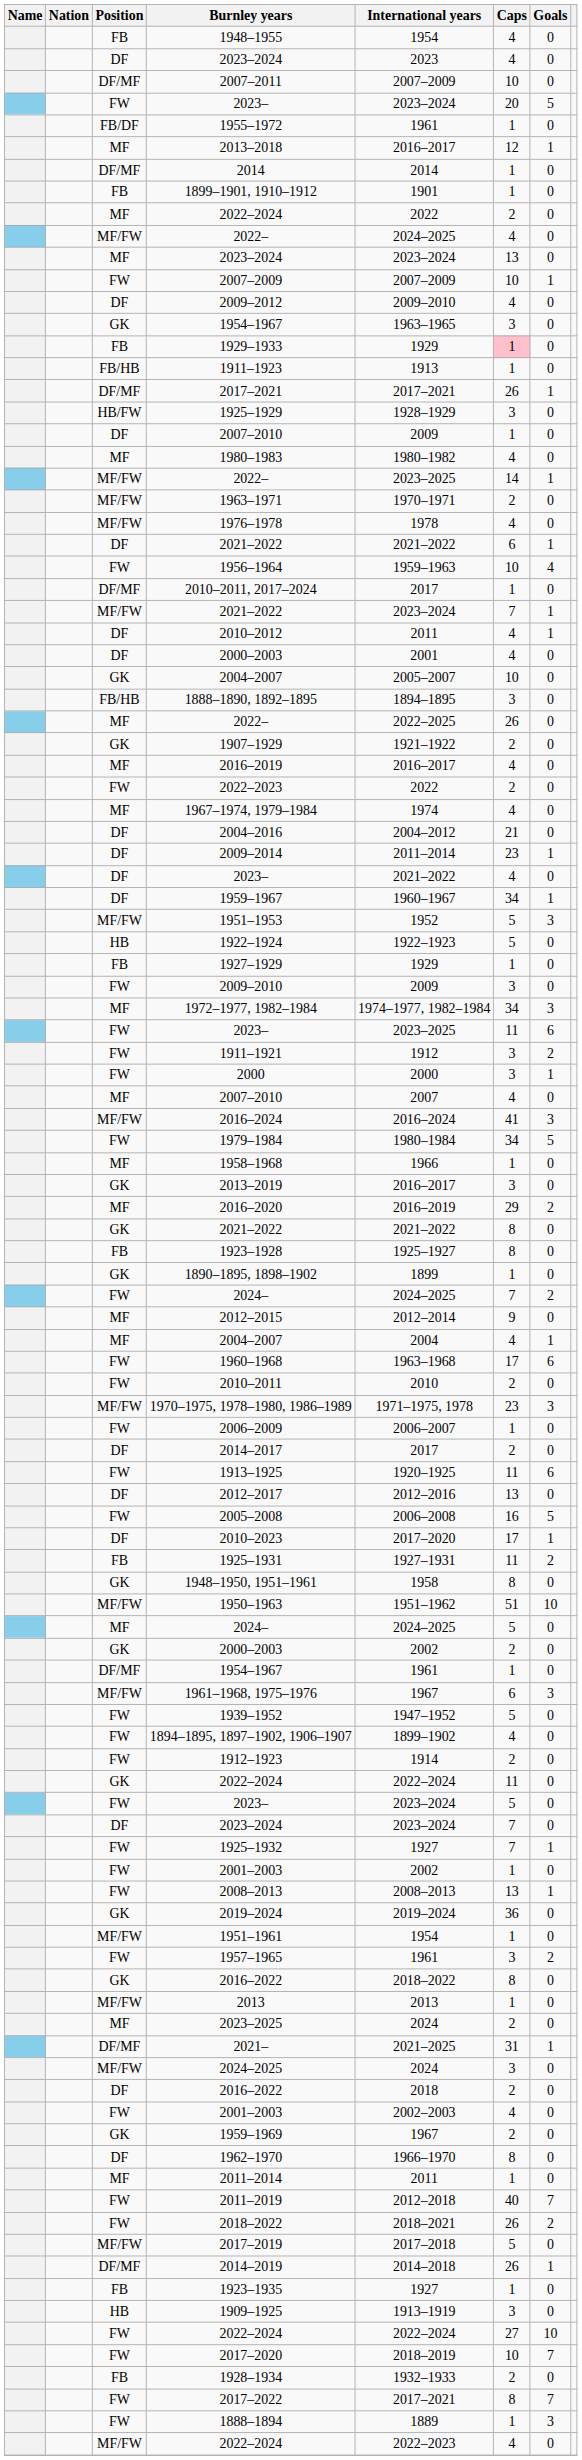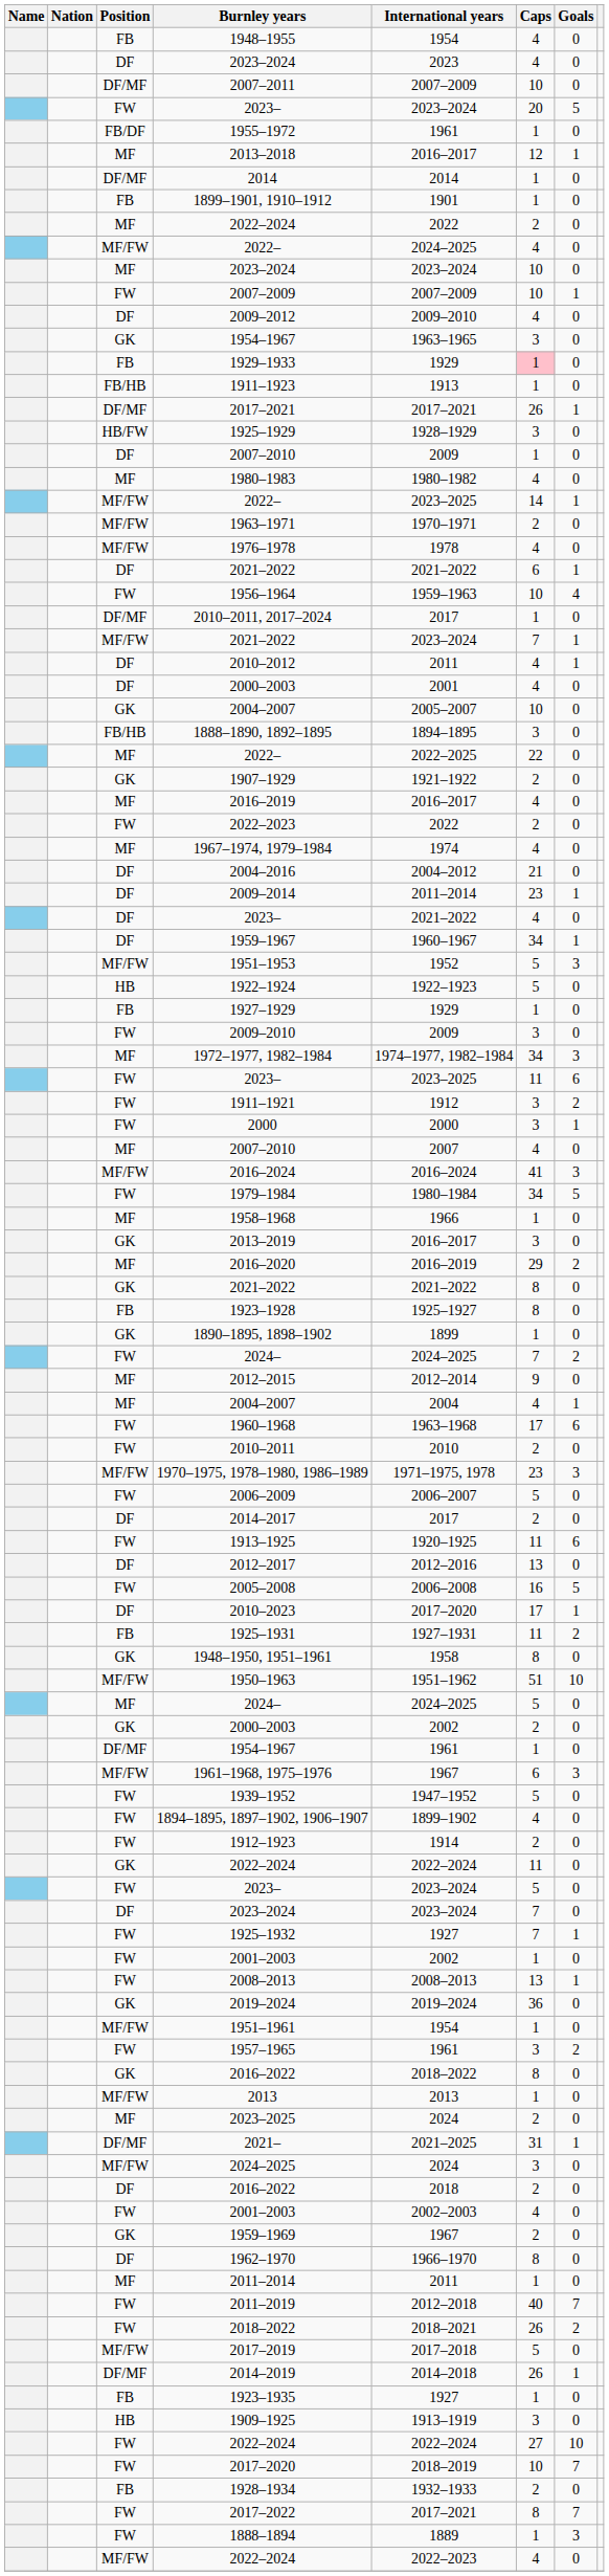 <table class="wikitable sortable plainrowheaders" style="text-align: center;">
 <tr>
 <th>Name</th>
 <th>Nation</th>
 <th>Position</th>
 <th>Burnley years</th>
 <th>International years</th>
 <th>Caps</th>
 <th>Goals</th>
 <th class="unsortable"></th>
 </tr>
 <tr>
 <th scope=row></th>
 <td align="left"></td>
 <td>FB</td>
 <td>1948–1955</td>
 <td>1954</td>
 <td>4</td>
 <td>0</td>
 <td></td>
 </tr>
 <tr>
 <th scope=row></th>
 <td align="left"></td>
 <td>DF</td>
 <td>2023–2024</td>
 <td>2023</td>
 <td>4</td>
 <td>0</td>
 <td></td>
 </tr>
 <tr>
 <th scope=row></th>
 <td align="left"></td>
 <td>DF/MF</td>
 <td>2007–2011</td>
 <td>2007–2009</td>
 <td>10</td>
 <td>0</td>
 <td></td>
 </tr>
 <tr>
 <th scope=row style="background:#87CEEB;"> </th>
 <td align="left"></td>
 <td>FW</td>
 <td>2023–</td>
 <td>2023–2024</td>
 <td>20</td>
 <td>5</td>
 <td></td>
 </tr>
 <tr>
 <th scope=row></th>
 <td align="left"></td>
 <td>FB/DF</td>
 <td>1955–1972</td>
 <td>1961</td>
 <td>1</td>
 <td>0</td>
 <td></td>
 </tr>
 <tr>
 <th scope=row></th>
 <td align="left"></td>
 <td>MF</td>
 <td>2013–2018</td>
 <td>2016–2017</td>
 <td>12</td>
 <td>1</td>
 <td></td>
 </tr>
 <tr>
 <th scope=row></th>
 <td align="left"></td>
 <td>DF/MF</td>
 <td>2014</td>
 <td>2014</td>
 <td>1</td>
 <td>0</td>
 <td></td>
 </tr>
 <tr>
 <th scope=row></th>
 <td align="left"></td>
 <td>FB</td>
 <td>1899–1901, 1910–1912</td>
 <td>1901</td>
 <td>1</td>
 <td>0</td>
 <td></td>
 </tr>
 <tr>
 <th scope=row></th>
 <td align="left"></td>
 <td>MF</td>
 <td>2022–2024</td>
 <td>2022</td>
 <td>2</td>
 <td>0</td>
 <td></td>
 </tr>
 <tr>
 <th scope=row style="background:#87CEEB;"> </th>
 <td align="left"></td>
 <td>MF/FW</td>
 <td>2022–</td>
 <td>2024–2025</td>
 <td>4</td>
 <td>0</td>
 <td></td>
 </tr>
 <tr>
 <th scope=row></th>
 <td align="left"></td>
 <td>MF</td>
 <td>2023–2024</td>
 <td>2023–2024</td>
-<td>13</td>
+<td>10</td>
 <td>0</td>
 <td></td>
 </tr>
 <tr>
 <th scope=row></th>
 <td align="left"></td>
 <td>FW</td>
 <td>2007–2009</td>
 <td>2007–2009</td>
 <td>10</td>
 <td>1</td>
 <td></td>
 </tr>
 <tr>
 <th scope=row></th>
 <td align="left"></td>
 <td>DF</td>
 <td>2009–2012</td>
 <td>2009–2010</td>
 <td>4</td>
 <td>0</td>
 <td></td>
 </tr>
 <tr>
 <th scope=row></th>
 <td align="left"></td>
 <td>GK</td>
 <td>1954–1967</td>
 <td>1963–1965</td>
 <td>3</td>
 <td>0</td>
 <td></td>
 </tr>
 <tr>
 <th scope=row></th>
 <td align="left"></td>
 <td>FB</td>
 <td>1929–1933</td>
 <td>1929</td>
 <td style="background: pink;">1</td>
 <td>0</td>
 <td></td>
 </tr>
 <tr>
 <th scope=row></th>
 <td align="left"></td>
 <td>FB/HB</td>
 <td>1911–1923</td>
 <td>1913</td>
 <td>1</td>
 <td>0</td>
 <td></td>
 </tr>
 <tr>
 <th scope=row></th>
 <td align="left"></td>
 <td>DF/MF</td>
 <td>2017–2021</td>
 <td>2017–2021</td>
 <td>26</td>
 <td>1</td>
 <td></td>
 </tr>
 <tr>
 <th scope=row></th>
 <td align="left"></td>
 <td>HB/FW</td>
 <td>1925–1929</td>
 <td>1928–1929</td>
 <td>3</td>
 <td>0</td>
 <td></td>
 </tr>
 <tr>
 <th scope=row></th>
 <td align="left"></td>
 <td>DF</td>
 <td>2007–2010</td>
 <td>2009</td>
 <td>1</td>
 <td>0</td>
 <td></td>
 </tr>
 <tr>
 <th scope=row></th>
 <td align="left"></td>
 <td>MF</td>
 <td>1980–1983</td>
 <td>1980–1982</td>
 <td>4</td>
 <td>0</td>
 <td></td>
 </tr>
 <tr>
 <th scope=row style="background:#87CEEB;"> </th>
 <td align="left"></td>
 <td>MF/FW</td>
 <td>2022–</td>
 <td>2023–2025</td>
 <td>14</td>
 <td>1</td>
 <td></td>
 </tr>
 <tr>
 <th scope=row></th>
 <td align="left"></td>
 <td>MF/FW</td>
 <td>1963–1971</td>
 <td>1970–1971</td>
 <td>2</td>
 <td>0</td>
 <td></td>
 </tr>
 <tr>
 <th scope=row></th>
 <td align="left"></td>
 <td>MF/FW</td>
 <td>1976–1978</td>
 <td>1978</td>
 <td>4</td>
 <td>0</td>
 <td></td>
 </tr>
 <tr>
 <th scope=row></th>
 <td align="left"></td>
 <td>DF</td>
 <td>2021–2022</td>
 <td>2021–2022</td>
 <td>6</td>
 <td>1</td>
 <td></td>
 </tr>
 <tr>
 <th scope=row></th>
 <td align="left"></td>
 <td>FW</td>
 <td>1956–1964</td>
 <td>1959–1963</td>
 <td>10</td>
 <td>4</td>
 <td></td>
 </tr>
 <tr>
 <th scope=row></th>
 <td align="left"></td>
 <td>DF/MF</td>
 <td>2010–2011, 2017–2024</td>
 <td>2017</td>
 <td>1</td>
 <td>0</td>
 <td></td>
 </tr>
 <tr>
 <th scope=row></th>
 <td align="left"></td>
 <td>MF/FW</td>
 <td>2021–2022</td>
 <td>2023–2024</td>
 <td>7</td>
 <td>1</td>
 <td></td>
 </tr>
 <tr>
 <th scope=row></th>
 <td align="left"></td>
 <td>DF</td>
 <td>2010–2012</td>
 <td>2011</td>
 <td>4</td>
 <td>1</td>
 <td></td>
 </tr>
 <tr>
 <th scope=row></th>
 <td align="left"></td>
 <td>DF</td>
 <td>2000–2003</td>
 <td>2001</td>
 <td>4</td>
 <td>0</td>
 <td></td>
 </tr>
 <tr>
 <th scope=row></th>
 <td align="left"></td>
 <td>GK</td>
 <td>2004–2007</td>
 <td>2005–2007</td>
 <td>10</td>
 <td>0</td>
 <td></td>
 </tr>
 <tr>
 <th scope=row></th>
 <td align="left"></td>
 <td>FB/HB</td>
 <td>1888–1890, 1892–1895</td>
 <td>1894–1895</td>
 <td>3</td>
 <td>0</td>
 <td></td>
 </tr>
 <tr>
 <th scope=row style="background:#87CEEB;"> </th>
 <td align="left"></td>
 <td>MF</td>
 <td>2022–</td>
 <td>2022–2025</td>
-<td>26</td>
+<td>22</td>
 <td>0</td>
 <td></td>
 </tr>
 <tr>
 <th scope=row></th>
 <td align="left"></td>
 <td>GK</td>
 <td>1907–1929</td>
 <td>1921–1922</td>
 <td>2</td>
 <td>0</td>
 <td></td>
 </tr>
 <tr>
 <th scope=row></th>
 <td align="left"></td>
 <td>MF</td>
 <td>2016–2019</td>
 <td>2016–2017</td>
 <td>4</td>
 <td>0</td>
 <td></td>
 </tr>
 <tr>
 <th scope=row></th>
 <td align="left"></td>
 <td>FW</td>
 <td>2022–2023</td>
 <td>2022</td>
 <td>2</td>
 <td>0</td>
 <td></td>
 </tr>
 <tr>
 <th scope=row></th>
 <td align="left"></td>
 <td>MF</td>
 <td>1967–1974, 1979–1984</td>
 <td>1974</td>
 <td>4</td>
 <td>0</td>
 <td></td>
 </tr>
 <tr>
 <th scope=row></th>
 <td align="left"></td>
 <td>DF</td>
 <td>2004–2016</td>
 <td>2004–2012</td>
 <td>21</td>
 <td>0</td>
 <td></td>
 </tr>
 <tr>
 <th scope=row></th>
 <td align="left"></td>
 <td>DF</td>
 <td>2009–2014</td>
 <td>2011–2014</td>
 <td>23</td>
 <td>1</td>
 <td></td>
 </tr>
 <tr>
 <th scope=row style="background:#87CEEB;"> </th>
 <td align="left"></td>
 <td>DF</td>
 <td>2023–</td>
 <td>2021–2022</td>
 <td>4</td>
 <td>0</td>
 <td></td>
 </tr>
 <tr>
 <th scope=row></th>
 <td align="left"></td>
 <td>DF</td>
 <td>1959–1967</td>
 <td>1960–1967</td>
 <td>34</td>
 <td>1</td>
 <td></td>
 </tr>
 <tr>
 <th scope=row></th>
 <td align="left"></td>
 <td>MF/FW</td>
 <td>1951–1953</td>
 <td>1952</td>
 <td>5</td>
 <td>3</td>
 <td></td>
 </tr>
 <tr>
 <th scope=row></th>
 <td align="left"></td>
 <td>HB</td>
 <td>1922–1924</td>
 <td>1922–1923</td>
 <td>5</td>
 <td>0</td>
 <td></td>
 </tr>
 <tr>
 <th scope=row></th>
 <td align="left"></td>
 <td>FB</td>
 <td>1927–1929</td>
 <td>1929</td>
 <td>1</td>
 <td>0</td>
 <td></td>
 </tr>
 <tr>
 <th scope=row></th>
 <td align="left"></td>
 <td>FW</td>
 <td>2009–2010</td>
 <td>2009</td>
 <td>3</td>
 <td>0</td>
 <td></td>
 </tr>
 <tr>
 <th scope=row></th>
 <td align="left"></td>
 <td>MF</td>
 <td>1972–1977, 1982–1984</td>
 <td>1974–1977, 1982–1984</td>
 <td>34</td>
 <td>3</td>
 <td></td>
 </tr>
 <tr>
 <th scope=row style="background:#87CEEB;"> </th>
 <td align="left"></td>
 <td>FW</td>
 <td>2023–</td>
 <td>2023–2025</td>
 <td>11</td>
 <td>6</td>
 <td></td>
 </tr>
 <tr>
 <th scope=row></th>
 <td align="left"></td>
 <td>FW</td>
 <td>1911–1921</td>
 <td>1912</td>
 <td>3</td>
 <td>2</td>
 <td></td>
 </tr>
 <tr>
 <th scope=row></th>
 <td align="left"></td>
 <td>FW</td>
 <td>2000</td>
 <td>2000</td>
 <td>3</td>
 <td>1</td>
 <td></td>
 </tr>
 <tr>
 <th scope=row></th>
 <td align="left"></td>
 <td>MF</td>
 <td>2007–2010</td>
 <td>2007</td>
 <td>4</td>
 <td>0</td>
 <td></td>
 </tr>
 <tr>
 <th scope=row></th>
 <td align="left"></td>
 <td>MF/FW</td>
 <td>2016–2024</td>
 <td>2016–2024</td>
 <td>41</td>
 <td>3</td>
 <td></td>
 </tr>
 <tr>
 <th scope=row></th>
 <td align="left"></td>
 <td>FW</td>
 <td>1979–1984</td>
 <td>1980–1984</td>
 <td>34</td>
 <td>5</td>
 <td></td>
 </tr>
 <tr>
 <th scope=row></th>
 <td align="left"></td>
 <td>MF</td>
 <td>1958–1968</td>
 <td>1966</td>
 <td>1</td>
 <td>0</td>
 <td></td>
 </tr>
 <tr>
 <th scope=row></th>
 <td align="left"></td>
 <td>GK</td>
 <td>2013–2019</td>
 <td>2016–2017</td>
 <td>3</td>
 <td>0</td>
 <td></td>
 </tr>
 <tr>
 <th scope=row></th>
 <td align="left"></td>
 <td>MF</td>
 <td>2016–2020</td>
 <td>2016–2019</td>
 <td>29</td>
 <td>2</td>
 <td></td>
 </tr>
 <tr>
 <th scope=row></th>
 <td align="left"></td>
 <td>GK</td>
 <td>2021–2022</td>
 <td>2021–2022</td>
 <td>8</td>
 <td>0</td>
 <td></td>
 </tr>
 <tr>
 <th scope=row></th>
 <td align="left"></td>
 <td>FB</td>
 <td>1923–1928</td>
 <td>1925–1927</td>
 <td>8</td>
 <td>0</td>
 <td></td>
 </tr>
 <tr>
 <th scope=row></th>
 <td align="left"></td>
 <td>GK</td>
 <td>1890–1895, 1898–1902</td>
 <td>1899</td>
 <td>1</td>
 <td>0</td>
 <td></td>
 </tr>
 <tr>
 <th scope=row style="background:#87CEEB;"> </th>
 <td align="left"></td>
 <td>FW</td>
 <td>2024–</td>
 <td>2024–2025</td>
 <td>7</td>
 <td>2</td>
 <td></td>
 </tr>
 <tr>
 <th scope=row></th>
 <td align="left"></td>
 <td>MF</td>
 <td>2012–2015</td>
 <td>2012–2014</td>
 <td>9</td>
 <td>0</td>
 <td></td>
 </tr>
 <tr>
 <th scope=row></th>
 <td align="left"></td>
 <td>MF</td>
 <td>2004–2007</td>
 <td>2004</td>
 <td>4</td>
 <td>1</td>
 <td></td>
 </tr>
 <tr>
 <th scope=row></th>
 <td align="left"></td>
 <td>FW</td>
 <td>1960–1968</td>
 <td>1963–1968</td>
 <td>17</td>
 <td>6</td>
 <td></td>
 </tr>
 <tr>
 <th scope=row></th>
 <td align="left"></td>
 <td>FW</td>
 <td>2010–2011</td>
 <td>2010</td>
 <td>2</td>
 <td>0</td>
 <td></td>
 </tr>
 <tr>
 <th scope=row></th>
 <td align="left"></td>
 <td>MF/FW</td>
 <td>1970–1975, 1978–1980, 1986–1989</td>
 <td>1971–1975, 1978</td>
 <td>23</td>
 <td>3</td>
 <td></td>
 </tr>
 <tr>
 <th scope=row></th>
 <td align="left"></td>
 <td>FW</td>
 <td>2006–2009</td>
 <td>2006–2007</td>
-<td>1</td>
+<td>5</td>
 <td>0</td>
 <td></td>
 </tr>
 <tr>
 <th scope=row></th>
 <td align="left"></td>
 <td>DF</td>
 <td>2014–2017</td>
 <td>2017</td>
 <td>2</td>
 <td>0</td>
 <td></td>
 </tr>
 <tr>
 <th scope=row></th>
 <td align="left"></td>
 <td>FW</td>
 <td>1913–1925</td>
 <td>1920–1925</td>
 <td>11</td>
 <td>6</td>
 <td></td>
 </tr>
 <tr>
 <th scope=row></th>
 <td align="left"></td>
 <td>DF</td>
 <td>2012–2017</td>
 <td>2012–2016</td>
 <td>13</td>
 <td>0</td>
 <td></td>
 </tr>
 <tr>
 <th scope=row></th>
 <td align="left"></td>
 <td>FW</td>
 <td>2005–2008</td>
 <td>2006–2008</td>
 <td>16</td>
 <td>5</td>
 <td></td>
 </tr>
 <tr>
 <th scope=row></th>
 <td align="left"></td>
 <td>DF</td>
 <td>2010–2023</td>
 <td>2017–2020</td>
 <td>17</td>
 <td>1</td>
 <td></td>
 </tr>
 <tr>
 <th scope=row></th>
 <td align="left"></td>
 <td>FB</td>
 <td>1925–1931</td>
 <td>1927–1931</td>
 <td>11</td>
 <td>2</td>
 <td></td>
 </tr>
 <tr>
 <th scope=row></th>
 <td align="left"></td>
 <td>GK</td>
 <td>1948–1950, 1951–1961</td>
 <td>1958</td>
 <td>8</td>
 <td>0</td>
 <td></td>
 </tr>
 <tr>
 <th scope=row></th>
 <td align="left"></td>
 <td>MF/FW</td>
 <td>1950–1963</td>
 <td>1951–1962</td>
 <td>51</td>
 <td>10</td>
 <td></td>
 </tr>
 <tr>
 <th scope=row style="background:#87CEEB;"> </th>
 <td align="left"></td>
 <td>MF</td>
 <td>2024–</td>
 <td>2024–2025</td>
 <td>5</td>
 <td>0</td>
 <td></td>
 </tr>
 <tr>
 <th scope=row></th>
 <td align="left"></td>
 <td>GK</td>
 <td>2000–2003</td>
 <td>2002</td>
 <td>2</td>
 <td>0</td>
 <td></td>
 </tr>
 <tr>
 <th scope=row></th>
 <td align="left"></td>
 <td>DF/MF</td>
 <td>1954–1967</td>
 <td>1961</td>
 <td>1</td>
 <td>0</td>
 <td></td>
 </tr>
 <tr>
 <th scope=row></th>
 <td align="left"></td>
 <td>MF/FW</td>
 <td>1961–1968, 1975–1976</td>
 <td>1967</td>
 <td>6</td>
 <td>3</td>
 <td></td>
 </tr>
 <tr>
 <th scope=row></th>
 <td align="left"></td>
 <td>FW</td>
 <td>1939–1952</td>
 <td>1947–1952</td>
 <td>5</td>
 <td>0</td>
 <td></td>
 </tr>
 <tr>
 <th scope=row></th>
 <td align="left"></td>
 <td>FW</td>
 <td>1894–1895, 1897–1902, 1906–1907</td>
 <td>1899–1902</td>
 <td>4</td>
 <td>0</td>
 <td></td>
 </tr>
 <tr>
 <th scope=row></th>
 <td align="left"></td>
 <td>FW</td>
 <td>1912–1923</td>
 <td>1914</td>
 <td>2</td>
 <td>0</td>
 <td></td>
 </tr>
 <tr>
 <th scope=row></th>
 <td align="left"></td>
 <td>GK</td>
 <td>2022–2024</td>
 <td>2022–2024</td>
 <td>11</td>
 <td>0</td>
 <td></td>
 </tr>
 <tr>
 <th scope=row style="background:#87CEEB;"> </th>
 <td align="left"></td>
 <td>FW</td>
 <td>2023–</td>
 <td>2023–2024</td>
 <td>5</td>
 <td>0</td>
 <td></td>
 </tr>
 <tr>
 <th scope=row></th>
 <td align="left"></td>
 <td>DF</td>
 <td>2023–2024</td>
 <td>2023–2024</td>
 <td>7</td>
 <td>0</td>
 <td></td>
 </tr>
 <tr>
 <th scope=row></th>
 <td align="left"></td>
 <td>FW</td>
 <td>1925–1932</td>
 <td>1927</td>
 <td>7</td>
 <td>1</td>
 <td></td>
 </tr>
 <tr>
 <th scope=row></th>
 <td align="left"></td>
 <td>FW</td>
 <td>2001–2003</td>
 <td>2002</td>
 <td>1</td>
 <td>0</td>
 <td></td>
 </tr>
 <tr>
 <th scope=row></th>
 <td align="left"></td>
 <td>FW</td>
 <td>2008–2013</td>
 <td>2008–2013</td>
 <td>13</td>
 <td>1</td>
 <td></td>
 </tr>
 <tr>
 <th scope=row></th>
 <td align="left"></td>
 <td>GK</td>
 <td>2019–2024</td>
 <td>2019–2024</td>
 <td>36</td>
 <td>0</td>
 <td></td>
 </tr>
 <tr>
 <th scope=row></th>
 <td align="left"></td>
 <td>MF/FW</td>
 <td>1951–1961</td>
 <td>1954</td>
 <td>1</td>
 <td>0</td>
 <td></td>
 </tr>
 <tr>
 <th scope=row></th>
 <td align="left"></td>
 <td>FW</td>
 <td>1957–1965</td>
 <td>1961</td>
 <td>3</td>
 <td>2</td>
 <td></td>
 </tr>
 <tr>
 <th scope=row></th>
 <td align="left"></td>
 <td>GK</td>
 <td>2016–2022</td>
 <td>2018–2022</td>
 <td>8</td>
 <td>0</td>
 <td></td>
 </tr>
 <tr>
 <th scope=row></th>
 <td align="left"></td>
 <td>MF/FW</td>
 <td>2013</td>
 <td>2013</td>
 <td>1</td>
 <td>0</td>
 <td></td>
 </tr>
 <tr>
 <th scope=row></th>
 <td align="left"></td>
 <td>MF</td>
 <td>2023–2025</td>
 <td>2024</td>
 <td>2</td>
 <td>0</td>
 <td></td>
 </tr>
 <tr>
 <th scope=row style="background:#87CEEB;"> </th>
 <td align="left"></td>
 <td>DF/MF</td>
 <td>2021–</td>
 <td>2021–2025</td>
 <td>31</td>
 <td>1</td>
 <td></td>
 </tr>
 <tr>
 <th scope=row></th>
 <td align="left"></td>
 <td>MF/FW</td>
 <td>2024–2025</td>
 <td>2024</td>
 <td>3</td>
 <td>0</td>
 <td></td>
 </tr>
 <tr>
 <th scope=row></th>
 <td align="left"></td>
 <td>DF</td>
 <td>2016–2022</td>
 <td>2018</td>
 <td>2</td>
 <td>0</td>
 <td></td>
 </tr>
 <tr>
 <th scope=row></th>
 <td align="left"></td>
 <td>FW</td>
 <td>2001–2003</td>
 <td>2002–2003</td>
 <td>4</td>
 <td>0</td>
 <td></td>
 </tr>
 <tr>
 <th scope=row></th>
 <td align="left"></td>
 <td>GK</td>
 <td>1959–1969</td>
 <td>1967</td>
 <td>2</td>
 <td>0</td>
 <td></td>
 </tr>
 <tr>
 <th scope=row></th>
 <td align="left"></td>
 <td>DF</td>
 <td>1962–1970</td>
 <td>1966–1970</td>
 <td>8</td>
 <td>0</td>
 <td></td>
 </tr>
 <tr>
 <th scope=row></th>
 <td align="left"></td>
 <td>MF</td>
 <td>2011–2014</td>
 <td>2011</td>
 <td>1</td>
 <td>0</td>
 <td></td>
 </tr>
 <tr>
 <th scope=row></th>
 <td align="left"></td>
 <td>FW</td>
 <td>2011–2019</td>
 <td>2012–2018</td>
 <td>40</td>
 <td>7</td>
 <td></td>
 </tr>
 <tr>
 <th scope=row></th>
 <td align="left"></td>
 <td>FW</td>
 <td>2018–2022</td>
 <td>2018–2021</td>
 <td>26</td>
 <td>2</td>
 <td></td>
 </tr>
 <tr>
 <th scope=row></th>
 <td align="left"></td>
 <td>MF/FW</td>
 <td>2017–2019</td>
 <td>2017–2018</td>
 <td>5</td>
 <td>0</td>
 <td></td>
 </tr>
 <tr>
 <th scope=row></th>
 <td align="left"></td>
 <td>DF/MF</td>
 <td>2014–2019</td>
 <td>2014–2018</td>
 <td>26</td>
 <td>1</td>
 <td></td>
 </tr>
 <tr>
 <th scope=row></th>
 <td align="left"></td>
 <td>FB</td>
 <td>1923–1935</td>
 <td>1927</td>
 <td>1</td>
 <td>0</td>
 <td></td>
 </tr>
 <tr>
 <th scope=row></th>
 <td align="left"></td>
 <td>HB</td>
 <td>1909–1925</td>
 <td>1913–1919</td>
 <td>3</td>
 <td>0</td>
 <td></td>
 </tr>
 <tr>
 <th scope=row></th>
 <td align="left"></td>
 <td>FW</td>
 <td>2022–2024</td>
 <td>2022–2024</td>
 <td>27</td>
 <td>10</td>
 <td></td>
 </tr>
 <tr>
 <th scope=row></th>
 <td align="left"></td>
 <td>FW</td>
 <td>2017–2020</td>
 <td>2018–2019</td>
 <td>10</td>
 <td>7</td>
 <td></td>
 </tr>
 <tr>
 <th scope=row></th>
 <td align="left"></td>
 <td>FB</td>
 <td>1928–1934</td>
 <td>1932–1933</td>
 <td>2</td>
 <td>0</td>
 <td></td>
 </tr>
 <tr>
 <th scope=row></th>
 <td align="left"></td>
 <td>FW</td>
 <td>2017–2022</td>
 <td>2017–2021</td>
 <td>8</td>
 <td>7</td>
 <td></td>
 </tr>
 <tr>
 <th scope=row></th>
 <td align="left"></td>
 <td>FW</td>
 <td>1888–1894</td>
 <td>1889</td>
 <td>1</td>
 <td>3</td>
 <td></td>
 </tr>
 <tr>
 <th scope=row></th>
 <td align="left"></td>
 <td>MF/FW</td>
 <td>2022–2024</td>
 <td>2022–2023</td>
 <td>4</td>
 <td>0</td>
 <td></td>
 </tr>
 <tr>
 </tr>
 </table>
